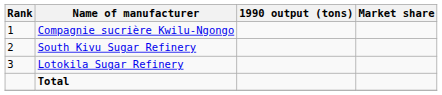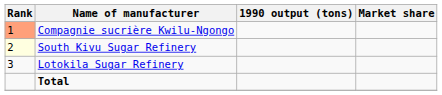 <table class="wikitable sortable" style="margin:0.5em auto">
 <tr>
 <th style="width:2em;">Rank</th>
 <th>Name of manufacturer</th>
 <th>1990 output (tons)</th>
 <th>Market share</th>
 </tr>
 <tr>
-<td>1</td>
+<td style="background: lightsalmon;">1</td>
 <td><a href='#'>Compagnie sucrière Kwilu-Ngongo</a></td>
 <td></td>
 <td></td>
 </tr>
 <tr>
-<td>2</td>
+<td style="background: lightyellow;">2</td>
 <td><a href='#'>South Kivu Sugar Refinery</a></td>
 <td></td>
 <td></td>
 </tr>
 <tr>
 <td>3</td>
 <td><a href='#'>Lotokila Sugar Refinery</a></td>
 <td></td>
 <td></td>
 </tr>
 <tr>
 <td></td>
 <td><strong>Total</strong></td>
 <td></td>
 <td></td>
 </tr>
 <tr>
 </tr>
 </table>
